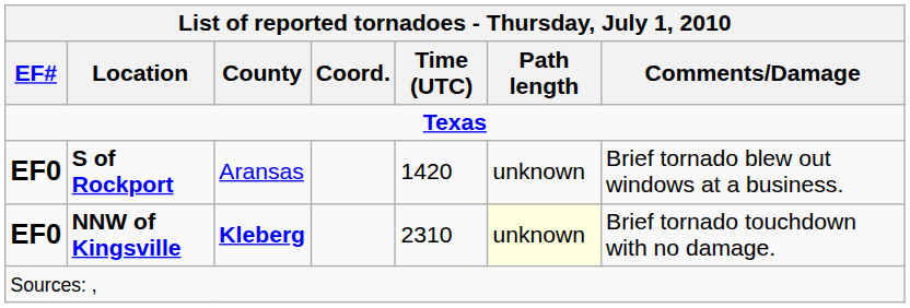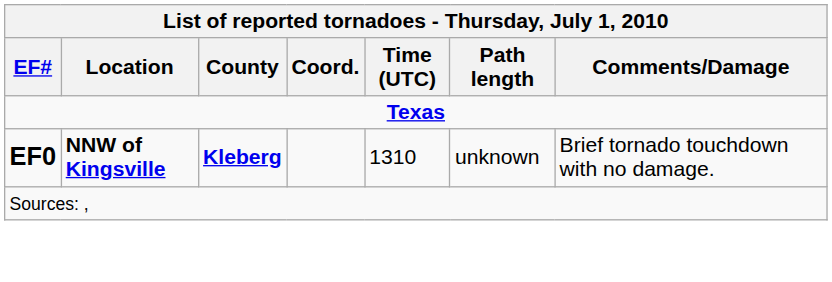 <table class="wikitable collapsible" style="width:100%;">
 <tr>
 <th colspan="7">List of reported tornadoes - Thursday, July 1, 2010</th>
 </tr>
 <tr>
 <th><a href='#'>EF#</a></th>
 <th>Location</th>
 <th>County</th>
 <th>Coord.</th>
 <th>Time (UTC)</th>
 <th>Path length</th>
 <th>Comments/Damage</th>
 </tr>
 <tr>
 <td colspan="7" style="text-align:center;"><strong><a href='#'>Texas</a></strong></td>
 </tr>
 <tr>
 <td><big><strong>EF0</strong></big></td>
-<td><strong>S of <a href='#'>Rockport</a></strong></td>
-<td><a href='#'>Aransas</a></td>
-<td></td>
-<td>1420</td>
-<td>unknown</td>
-<td>Brief tornado blew out windows at a business.</td>
-</tr>
-<tr>
-<td><big><strong>EF0</strong></big></td>
 <td><strong>NNW of <a href='#'>Kingsville</a></strong></td>
 <td><strong><a href='#'>Kleberg</a></strong></td>
 <td></td>
-<td>2310</td>
-<td style="background: lightyellow;">unknown</td>
+<td>1310</td>
+<td>unknown</td>
 <td>Brief tornado touchdown with no damage.</td>
 </tr>
 <tr>
 <td colspan="7"><small>Sources: , </small></td>
 </tr>
 </table>
